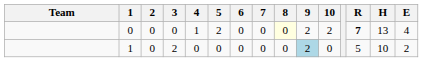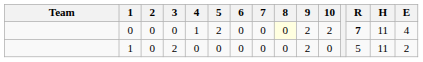 <table border=1 cellspacing=0 width=600 style="margin-left:3em;" class="wikitable">
 <tr style="text-align:center; background-color:#e6e6e6;">
 <th align=left width=28%>Team</th>
 <th width=5.4%>1</th>
 <th width=5.4%>2</th>
 <th width=5.4%>3</th>
 <th width=5.4%>4</th>
 <th width=5.4%>5</th>
 <th width=5.4%>6</th>
 <th width=5.4%>7</th>
 <th width=5.4%>8</th>
 <th width=5.4%>9</th>
 <th width=5.4%>10</th>
 <th rowspan="3" width=0.5%></th>
 <th width=6%>R</th>
 <th width=6%>H</th>
 <th width=6%>E</th>
 </tr>
 <tr style="text-align:center;">
 <td align=left></td>
 <td>0</td>
 <td>0</td>
 <td>0</td>
 <td>1</td>
 <td>2</td>
 <td>0</td>
 <td>0</td>
 <td style="background: lightyellow;">0</td>
 <td>2</td>
 <td>2</td>
 <td><strong>7</strong></td>
-<td>13</td>
+<td>11</td>
 <td>4</td>
 </tr>
 <tr style="text-align:center;">
 <td align=left></td>
 <td>1</td>
 <td>0</td>
 <td>2</td>
 <td>0</td>
 <td>0</td>
 <td>0</td>
 <td>0</td>
 <td>0</td>
-<td style="background: lightblue;">2</td>
+<td>2</td>
 <td>0</td>
 <td>5</td>
-<td>10</td>
+<td>11</td>
 <td>2</td>
 </tr>
 </table>
